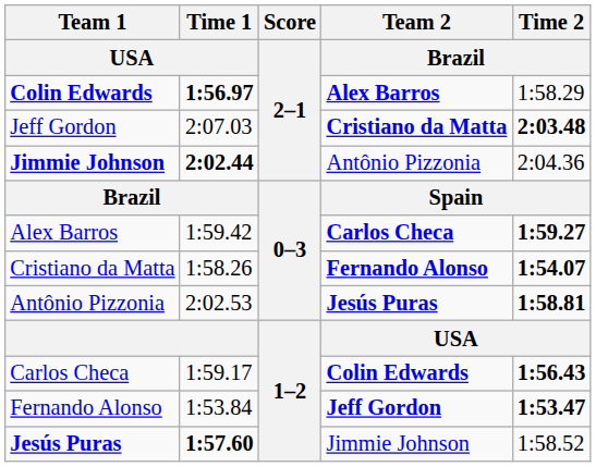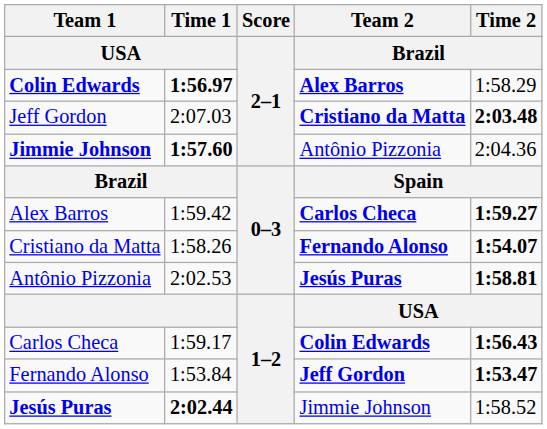 <table class="wikitable">
 <tr>
 <th>Team 1</th>
 <th>Time 1</th>
 <th>Score</th>
 <th>Team 2</th>
 <th>Time 2</th>
 </tr>
 <tr>
 <th colspan=2> <strong>USA</strong></th>
 <th rowspan=4>2–1</th>
 <th colspan=2> Brazil</th>
 </tr>
 <tr>
 <td><strong><a href='#'>Colin Edwards</a></strong></td>
 <td><strong>1:56.97</strong></td>
 <td><strong><a href='#'>Alex Barros</a></strong></td>
 <td>1:58.29</td>
 </tr>
 <tr>
 <td><a href='#'>Jeff Gordon</a></td>
 <td>2:07.03</td>
 <td><strong><a href='#'>Cristiano da Matta</a></strong></td>
 <td><strong>2:03.48</strong></td>
 </tr>
 <tr>
 <td><strong><a href='#'>Jimmie Johnson</a></strong></td>
-<td><strong>2:02.44</strong></td>
+<td><strong>1:57.60</strong></td>
 <td><a href='#'>Antônio Pizzonia</a></td>
 <td>2:04.36</td>
 </tr>
 <tr>
 <th colspan=2> Brazil</th>
 <th rowspan=4>0–3</th>
 <th colspan=2> <strong>Spain</strong></th>
 </tr>
 <tr>
 <td><a href='#'>Alex Barros</a></td>
 <td>1:59.42</td>
 <td><strong><a href='#'>Carlos Checa</a></strong></td>
 <td><strong>1:59.27</strong></td>
 </tr>
 <tr>
 <td><a href='#'>Cristiano da Matta</a></td>
 <td>1:58.26</td>
 <td><strong><a href='#'>Fernando Alonso</a></strong></td>
 <td><strong>1:54.07</strong></td>
 </tr>
 <tr>
 <td><a href='#'>Antônio Pizzonia</a></td>
 <td>2:02.53</td>
 <td><strong><a href='#'>Jesús Puras</a></strong></td>
 <td><strong>1:58.81</strong></td>
 </tr>
 <tr>
 <th colspan=2></th>
 <th rowspan=4>1–2</th>
 <th colspan=2> <strong>USA</strong></th>
 </tr>
 <tr>
 <td><a href='#'>Carlos Checa</a></td>
 <td>1:59.17</td>
 <td><strong><a href='#'>Colin Edwards</a></strong></td>
 <td><strong>1:56.43</strong></td>
 </tr>
 <tr>
 <td><a href='#'>Fernando Alonso</a></td>
 <td>1:53.84</td>
 <td><strong><a href='#'>Jeff Gordon</a></strong></td>
 <td><strong>1:53.47</strong></td>
 </tr>
 <tr>
 <td><strong><a href='#'>Jesús Puras</a></strong></td>
-<td><strong>1:57.60</strong></td>
+<td><strong>2:02.44</strong></td>
 <td><a href='#'>Jimmie Johnson</a></td>
 <td>1:58.52</td>
 </tr>
 </table>
